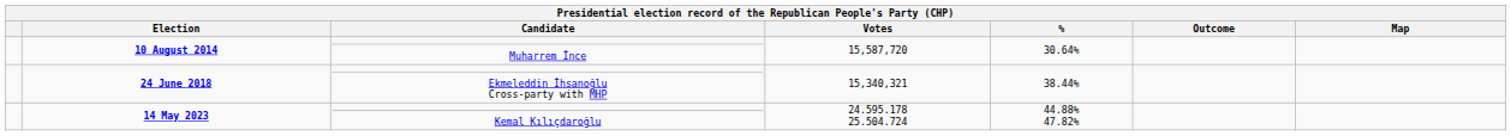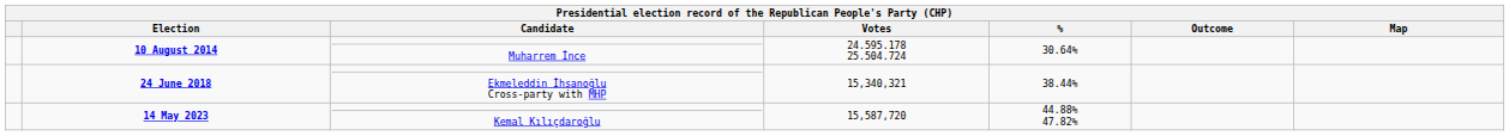 <table class="wikitable" style="text-align: center; border:none;width:100%">
 <tr>
 <th colspan="7">Presidential election record of the Republican People's Party (CHP)</th>
 </tr>
 <tr>
 <th></th>
 <th>Election</th>
 <th>Candidate</th>
 <th>Votes</th>
 <th>%</th>
 <th>Outcome</th>
 <th width=272px>Map</th>
 </tr>
 <tr>
 <td style="background: "></td>
 <td><strong><a href='#'>10 August 2014</a></strong></td>
 <td><hr><a href='#'>Muharrem&nbsp;İnce</a></td>
-<td>15,587,720</td>
+<td>24.595.178 <br>25.504.724 </td>
 <td>30.64%</td>
 <td></td>
 <td></td>
 </tr>
 <tr>
 <td style="background: "></td>
 <td><strong><a href='#'>24 June 2018</a></strong></td>
 <td><hr><a href='#'>Ekmeleddin&nbsp;İhsanoğlu</a><br>Cross-party with <a href='#'>MHP</a></td>
 <td>15,340,321</td>
 <td>38.44%</td>
 <td></td>
 <td></td>
 </tr>
 <tr>
 <td style="background: "></td>
 <td><a href='#'><strong>14 May 2023</strong></a></td>
 <td><hr><a href='#'>Kemal Kılıçdaroğlu</a></td>
-<td>24.595.178 <br>25.504.724 </td>
+<td>15,587,720</td>
 <td>44.88% <br>47.82% </td>
 <td></td>
 <td><br></td>
 </tr>
 </table>
